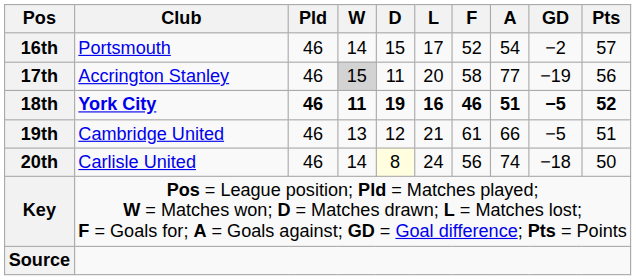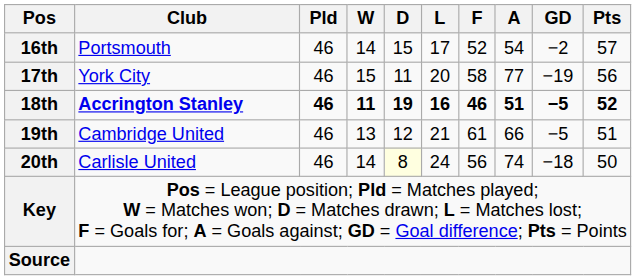 <table class=wikitable style="text-align:center">
 <tr>
 <th scope=col>Pos</th>
 <th scope=col>Club</th>
 <th scope=col>Pld</th>
 <th scope=col>W</th>
 <th scope=col>D</th>
 <th scope=col>L</th>
 <th scope=col>F</th>
 <th scope=col>A</th>
 <th scope=col>GD</th>
 <th scope=col>Pts</th>
 </tr>
 <tr>
 <th scope=row>16th</th>
 <td align=left><a href='#'>Portsmouth</a></td>
 <td>46</td>
 <td>14</td>
 <td>15</td>
 <td>17</td>
 <td>52</td>
 <td>54</td>
 <td>−2</td>
 <td>57</td>
 </tr>
 <tr>
 <th scope=row>17th</th>
-<td align=left><a href='#'>Accrington Stanley</a></td>
+<td align=left><a href='#'>York City</a></td>
 <td>46</td>
-<td style="background: lightgrey;">15</td>
+<td>15</td>
 <td>11</td>
 <td>20</td>
 <td>58</td>
 <td>77</td>
 <td>−19</td>
 <td>56</td>
 </tr>
 <tr style=font-weight:bold>
 <th scope=row>18th</th>
-<td align=left><a href='#'>York City</a></td>
+<td align=left><a href='#'>Accrington Stanley</a></td>
 <td>46</td>
 <td>11</td>
 <td>19</td>
 <td>16</td>
 <td>46</td>
 <td>51</td>
 <td>−5</td>
 <td>52</td>
 </tr>
 <tr>
 <th scope=row>19th</th>
 <td align=left><a href='#'>Cambridge United</a></td>
 <td>46</td>
 <td>13</td>
 <td>12</td>
 <td>21</td>
 <td>61</td>
 <td>66</td>
 <td>−5</td>
 <td>51</td>
 </tr>
 <tr>
 <th scope=row>20th</th>
 <td align=left><a href='#'>Carlisle United</a></td>
 <td>46</td>
 <td>14</td>
 <td style="background: lightyellow;">8</td>
 <td>24</td>
 <td>56</td>
 <td>74</td>
 <td>−18</td>
 <td>50</td>
 </tr>
 <tr>
 <th scope=row>Key</th>
 <td colspan=9><strong>Pos</strong> = League position; <strong>Pld</strong> = Matches played;<br><strong>W</strong> = Matches won; <strong>D</strong> = Matches drawn; <strong>L</strong> = Matches lost;<br><strong>F</strong> = Goals for; <strong>A</strong> = Goals against; <strong>GD</strong> = <a href='#'>Goal difference</a>; <strong>Pts</strong> = Points</td>
 </tr>
 <tr>
 <th scope=row>Source</th>
 <td colspan=9></td>
 </tr>
 </table>
